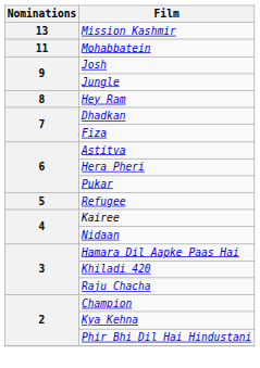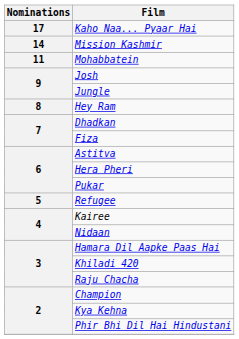 <table class="wikitable" style="display:inline-table;">
 <tr>
 <th>Nominations</th>
 <th>Film</th>
 </tr>
 <tr>
-<th>13</th>
+<th>17</th>
+<td><em><a href='#'>Kaho Naa... Pyaar Hai</a></em></td>
+</tr>
+<tr>
+<th>14</th>
 <td><em><a href='#'>Mission Kashmir</a></em></td>
 </tr>
 <tr>
 <th>11</th>
 <td><em><a href='#'>Mohabbatein</a></em></td>
 </tr>
 <tr>
 <th rowspan="2">9</th>
 <td><em><a href='#'>Josh</a></em></td>
 </tr>
 <tr>
 <td><em><a href='#'>Jungle</a></em></td>
 </tr>
 <tr>
 <th>8</th>
 <td><em><a href='#'>Hey Ram</a></em></td>
 </tr>
 <tr>
 <th rowspan="2">7</th>
 <td><em><a href='#'>Dhadkan</a></em></td>
 </tr>
 <tr>
 <td><em><a href='#'>Fiza</a></em></td>
 </tr>
 <tr>
 <th rowspan="3">6</th>
 <td><em><a href='#'>Astitva</a></em></td>
 </tr>
 <tr>
 <td><em><a href='#'>Hera Pheri</a></em></td>
 </tr>
 <tr>
 <td><em><a href='#'>Pukar</a></em></td>
 </tr>
 <tr>
 <th>5</th>
 <td><em><a href='#'>Refugee</a></em></td>
 </tr>
 <tr>
 <th rowspan="2">4</th>
 <td><em>Kairee</em></td>
 </tr>
 <tr>
 <td><em><a href='#'>Nidaan</a></em></td>
 </tr>
 <tr>
 <th rowspan="3">3</th>
 <td><em><a href='#'>Hamara Dil Aapke Paas Hai</a></em></td>
 </tr>
 <tr>
 <td><em><a href='#'>Khiladi 420</a></em></td>
 </tr>
 <tr>
 <td><em><a href='#'>Raju Chacha</a></em></td>
 </tr>
 <tr>
 <th rowspan="3">2</th>
 <td><em><a href='#'>Champion</a></em></td>
 </tr>
 <tr>
 <td><em><a href='#'>Kya Kehna</a></em></td>
 </tr>
 <tr>
 <td><em><a href='#'>Phir Bhi Dil Hai Hindustani</a></em></td>
 </tr>
 <tr>
 </tr>
 </table>
